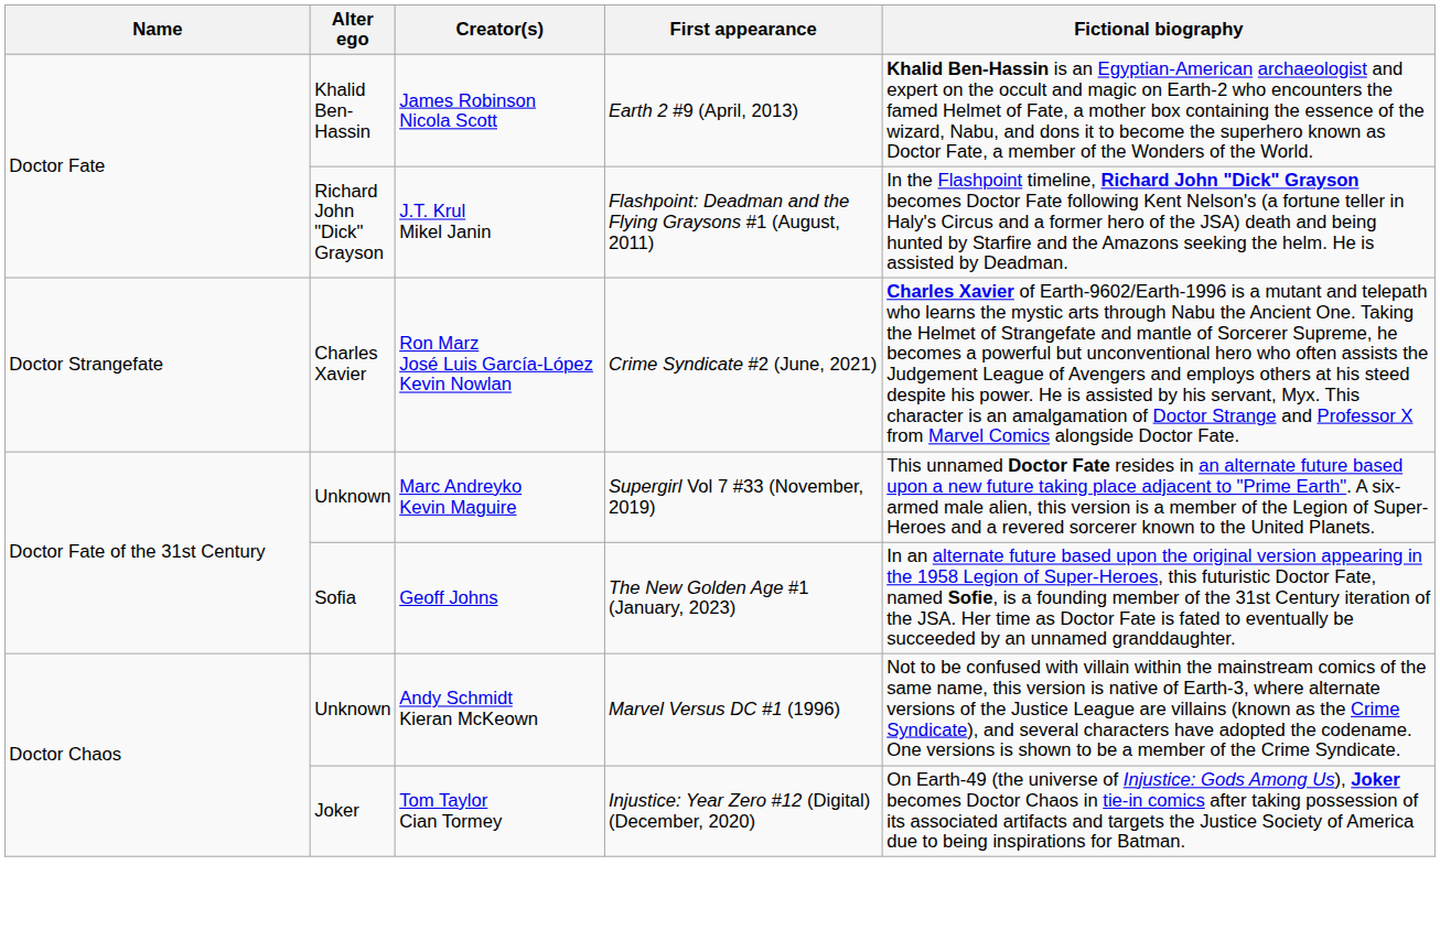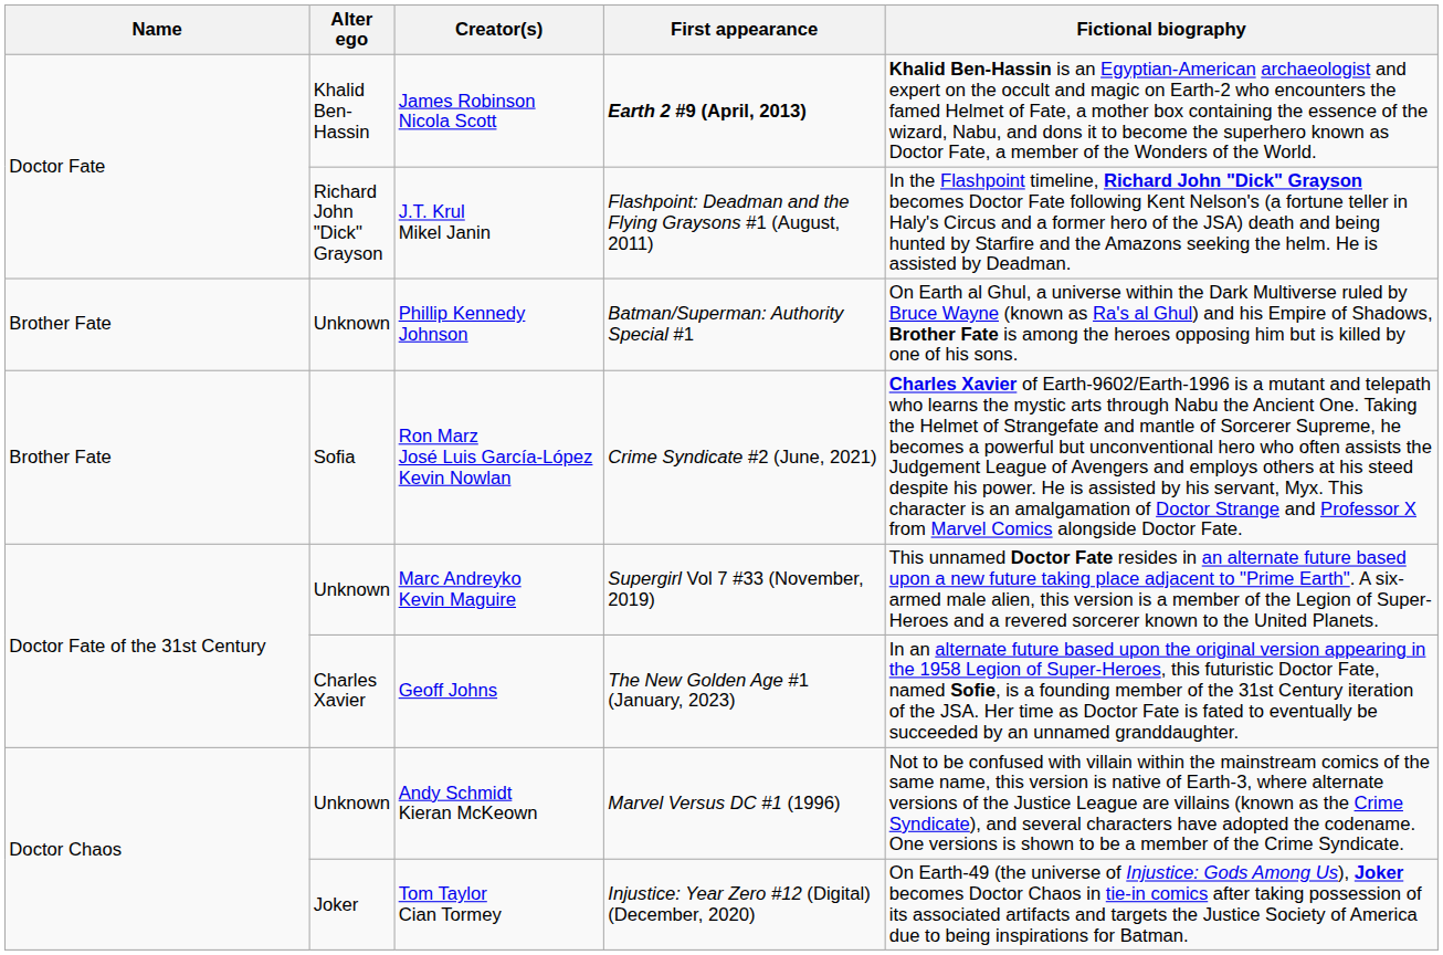 <table class="wikitable">
 <tr>
 <th style="width:22%;">Name</th>
 <th>Alter ego</th>
 <th style="width:15%;">Creator(s)</th>
 <th style="width:20%;">First appearance</th>
 <th style="width:40%;">Fictional biography</th>
 </tr>
 <tr>
 <td rowspan="2">Doctor Fate</td>
 <td>Khalid Ben-Hassin</td>
 <td><a href='#'>James Robinson</a><br><a href='#'>Nicola Scott</a></td>
-<td><em>Earth 2</em> #9 (April, 2013)</td>
+<td><strong><em>Earth 2</em> #9 (April, 2013)</strong></td>
 <td><strong>Khalid Ben-Hassin</strong> is an <a href='#'>Egyptian-American</a> <a href='#'>archaeologist</a> and expert on the occult and magic on Earth-2 who encounters the famed Helmet of Fate, a mother box containing the essence of the wizard, Nabu, and dons it to become the superhero known as Doctor Fate, a member of the Wonders of the World.</td>
 </tr>
 <tr>
 <td>Richard John "Dick" Grayson</td>
 <td><a href='#'>J.T. Krul</a><br>Mikel Janin</td>
 <td><em>Flashpoint: Deadman and the Flying Graysons</em> #1 (August, 2011)</td>
 <td>In the <a href='#'>Flashpoint</a> timeline, <strong><a href='#'>Richard John "Dick" Grayson</a></strong> becomes Doctor Fate following Kent Nelson's (a fortune teller in Haly's Circus and a former hero of the JSA) death and being hunted by Starfire and the Amazons seeking the helm. He is assisted by Deadman.</td>
 </tr>
 <tr>
-<td>Doctor Strangefate</td>
-<td>Charles Xavier</td>
+<td>Brother Fate</td>
+<td>Unknown</td>
+<td><a href='#'>Phillip Kennedy Johnson</a></td>
+<td><em>Batman/Superman: Authority Special</em> #1</td>
+<td>On Earth al Ghul, a universe within the Dark Multiverse ruled by <a href='#'>Bruce Wayne</a> (known as <a href='#'>Ra's al Ghul</a>) and his Empire of Shadows, <strong>Brother</strong> <strong>Fate</strong> is among the heroes opposing him but is killed by one of his sons.</td>
+</tr>
+<tr>
+<td>Brother Fate</td>
+<td>Sofia</td>
 <td><a href='#'>Ron Marz</a><br><a href='#'>José Luis García-López</a> <a href='#'>Kevin Nowlan</a></td>
 <td><em>Crime Syndicate</em> #2 (June, 2021)</td>
 <td><strong><a href='#'>Charles Xavier</a></strong> of Earth-9602/Earth-1996 is a mutant and telepath who learns the mystic arts through Nabu the Ancient One. Taking the Helmet of Strangefate and mantle of Sorcerer Supreme, he becomes a powerful but unconventional hero who often assists the Judgement League of Avengers and employs others at his steed despite his power. He is assisted by his servant, Myx. This character is an amalgamation of <a href='#'>Doctor Strange</a> and <a href='#'>Professor X</a> from <a href='#'>Marvel Comics</a> alongside Doctor Fate.</td>
 </tr>
 <tr>
 <td rowspan="2">Doctor Fate of the 31st Century</td>
 <td>Unknown</td>
 <td><a href='#'>Marc Andreyko</a><br><a href='#'>Kevin Maguire</a></td>
 <td><em>Supergirl</em> Vol 7 #33 (November, 2019)</td>
 <td>This unnamed <strong>Doctor Fate</strong> resides in <a href='#'>an alternate future based upon a new future taking place adjacent to "Prime Earth"</a>. A six-armed male alien, this version is a member of the Legion of Super-Heroes and a revered sorcerer known to the United Planets.</td>
 </tr>
 <tr>
-<td>Sofia</td>
+<td>Charles Xavier</td>
 <td><a href='#'>Geoff Johns</a></td>
 <td><em>The New Golden Age</em> #1 (January, 2023)</td>
 <td>In an <a href='#'>alternate future based upon the original version appearing in the 1958 Legion of Super-Heroes</a>, this futuristic Doctor Fate, named <strong>Sofie</strong>, is a founding member of the 31st Century iteration of the JSA. Her time as Doctor Fate is fated to eventually be succeeded by an unnamed granddaughter.</td>
 </tr>
 <tr>
 <td rowspan="2">Doctor Chaos</td>
 <td>Unknown</td>
 <td><a href='#'>Andy Schmidt</a><br>Kieran McKeown</td>
 <td><em>Marvel Versus DC #1</em> (1996)</td>
 <td>Not to be confused with villain within the mainstream comics of the same name, this version is native of Earth-3, where alternate versions of the Justice League are villains (known as the <a href='#'>Crime Syndicate</a>), and several characters have adopted the codename. One versions is shown to be a member of the Crime Syndicate.</td>
 </tr>
 <tr>
 <td>Joker</td>
 <td><a href='#'>Tom Taylor</a><br>Cian Tormey</td>
 <td><em>Injustice: Year Zero #12</em> (Digital)(December, 2020)</td>
 <td>On Earth-49 (the universe of <em><a href='#'>Injustice: Gods Among Us</a></em>), <strong><a href='#'>Joker</a></strong> becomes Doctor Chaos in <a href='#'>tie-in comics</a> after taking possession of its associated artifacts and targets the Justice Society of America due to being inspirations for Batman.</td>
 </tr>
 </table>
